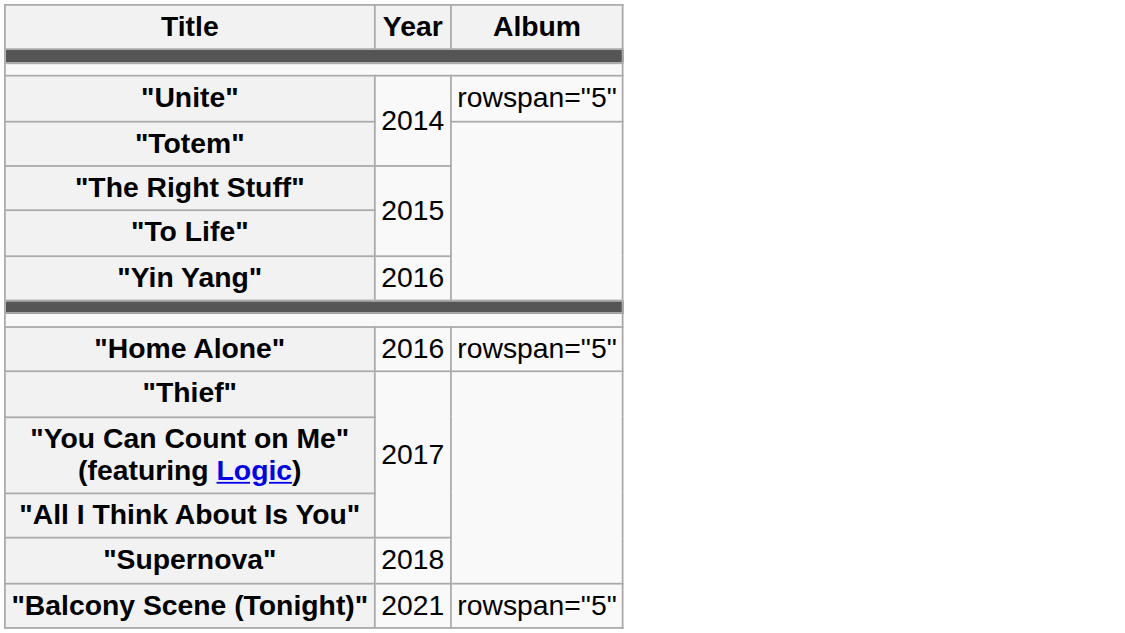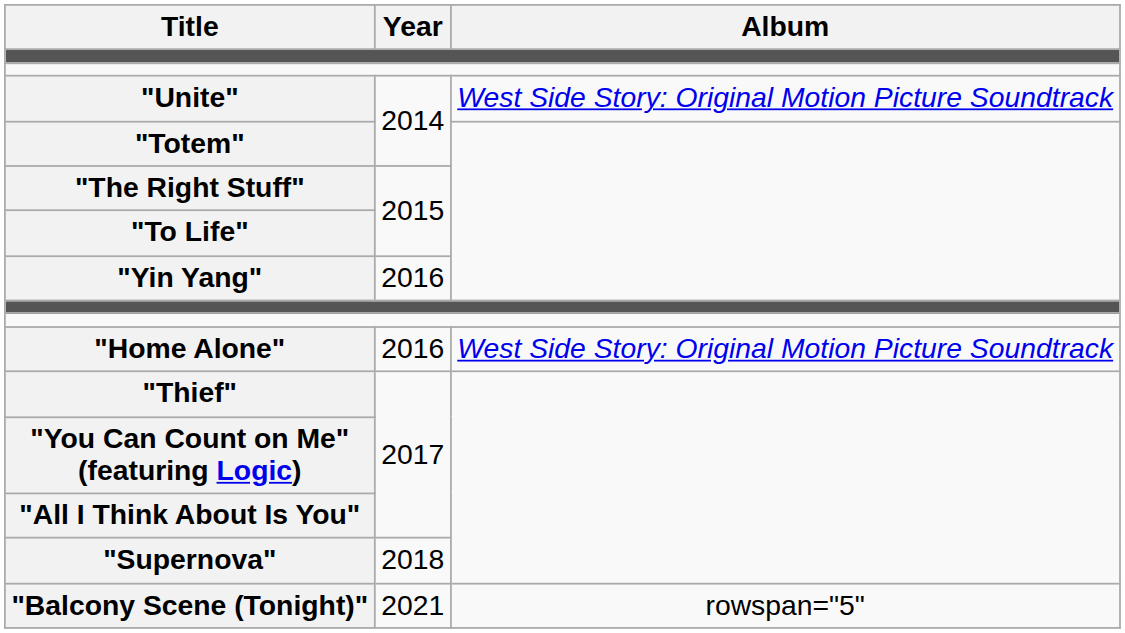 <table class="wikitable plainrowheaders" style="text-align:center;">
 <tr>
 <th scope="col">Title</th>
 <th scope="col">Year</th>
 <th scope="col">Album</th>
 </tr>
 <tr>
 <td colspan="3" style="background:#555;"></td>
 </tr>
 <tr>
 <td colspan="3"></td>
 </tr>
 <tr>
 <th scope="row">"Unite" </th>
 <td rowspan="2">2014</td>
-<td>rowspan="5" </td>
+<td><em><a href='#'>West Side Story: Original Motion Picture Soundtrack</a></em></td>
 </tr>
 <tr>
 <th scope="row">"Totem" </th>
 </tr>
 <tr>
 <th scope="row">"The Right Stuff" </th>
 <td rowspan="2">2015</td>
 </tr>
 <tr>
 <th scope="row">"To Life" </th>
 </tr>
 <tr>
 <th scope="row">"Yin Yang" </th>
 <td>2016</td>
 </tr>
 <tr>
 <td colspan="3" style="background:#555;"></td>
 </tr>
 <tr>
 <td colspan="3"></td>
 </tr>
 <tr>
 <th scope="row">"Home Alone"</th>
 <td>2016</td>
-<td>rowspan="5" </td>
+<td><em><a href='#'>West Side Story: Original Motion Picture Soundtrack</a></em></td>
 </tr>
 <tr>
 <th scope="row">"Thief"</th>
 <td rowspan="3">2017</td>
 </tr>
 <tr>
 <th scope="row">"You Can Count on Me"<br><span>(featuring <a href='#'>Logic</a>)</span></th>
 </tr>
 <tr>
 <th scope="row">"All I Think About Is You"</th>
 </tr>
 <tr>
 <th scope="row">"Supernova"</th>
 <td>2018</td>
 </tr>
 <tr>
 <th scope="row">"Balcony Scene (Tonight)" </th>
 <td>2021</td>
 <td>rowspan="5" </td>
 </tr>
 </table>
